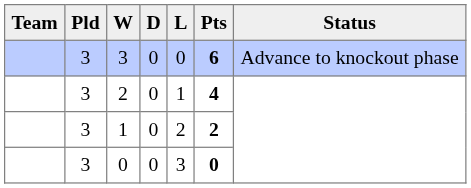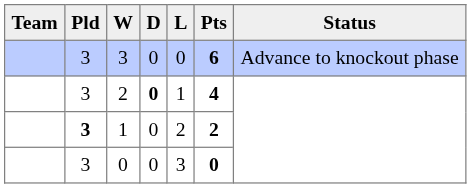 <table style=border-collapse:collapse border=1 cellspacing=0 cellpadding=5>
 <tr align=center bgcolor=#efefef>
 <th>Team</th>
 <th>Pld</th>
 <th>W</th>
 <th>D</th>
 <th>L</th>
 <th>Pts</th>
 <th>Status</th>
 </tr>
 <tr align=center style="background:#bbccff;">
 <td style="text-align:left;"> </td>
 <td>3</td>
 <td>3</td>
 <td>0</td>
 <td>0</td>
 <td><strong>6</strong></td>
 <td rowspan=1>Advance to knockout phase</td>
 </tr>
 <tr align=center style="background:#FFFFFF;">
 <td style="text-align:left;"> </td>
 <td>3</td>
 <td>2</td>
-<td>0</td>
+<td><strong>0</strong></td>
 <td>1</td>
 <td><strong>4</strong></td>
 <td rowspan=3></td>
 </tr>
 <tr align=center style="background:#FFFFFF;">
 <td style="text-align:left;"> </td>
-<td>3</td>
+<td><strong>3</strong></td>
 <td>1</td>
 <td>0</td>
 <td>2</td>
 <td><strong>2</strong></td>
 </tr>
 <tr align=center style="background:#FFFFFF;">
 <td style="text-align:left;"> </td>
 <td>3</td>
 <td>0</td>
 <td>0</td>
 <td>3</td>
 <td><strong>0</strong></td>
 </tr>
 </table>
